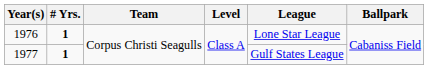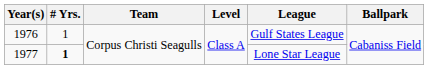 <table class="wikitable" style="text-align:center; font-size: 95%;">
 <tr>
 <th>Year(s)</th>
 <th># Yrs.</th>
 <th>Team</th>
 <th>Level</th>
 <th>League</th>
 <th>Ballpark</th>
 </tr>
 <tr>
 <td>1976</td>
-<td><strong>1</strong></td>
+<td>1</td>
 <td rowspan=2>Corpus Christi Seagulls</td>
 <td rowspan=2><a href='#'>Class A</a></td>
-<td><a href='#'>Lone Star League</a></td>
+<td><a href='#'>Gulf States League</a></td>
 <td rowspan=2><a href='#'>Cabaniss Field</a></td>
 </tr>
 <tr>
 <td>1977</td>
 <td><strong>1</strong></td>
-<td><a href='#'>Gulf States League</a></td>
+<td><a href='#'>Lone Star League</a></td>
 </tr>
 </table>
